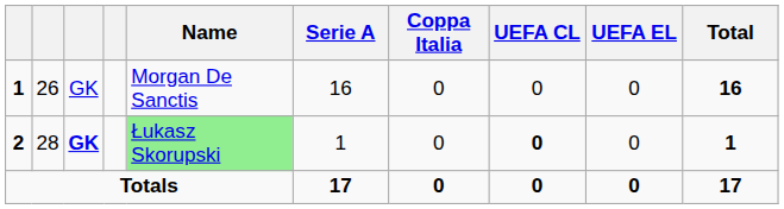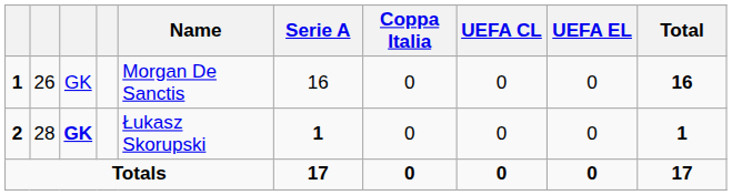 <table class="wikitable" style="text-align:center">
 <tr>
 <th width=15></th>
 <th width=15></th>
 <th width=15></th>
 <th width=15></th>
 <th width=145>Name</th>
 <th width=80><a href='#'>Serie A</a></th>
 <th width=80><a href='#'>Coppa Italia</a></th>
 <th width=80><a href='#'>UEFA CL</a></th>
 <th width=80><a href='#'>UEFA EL</a></th>
 <th width=80>Total</th>
 </tr>
 <tr>
 <td><strong>1</strong></td>
 <td>26</td>
 <td><a href='#'>GK</a></td>
 <td></td>
 <td align=left><a href='#'>Morgan De Sanctis</a></td>
 <td>16</td>
 <td>0</td>
 <td>0</td>
 <td>0</td>
 <td><strong>16</strong></td>
 </tr>
 <tr>
 <td><strong>2</strong></td>
 <td>28</td>
 <td><strong><a href='#'>GK</a></strong></td>
 <td></td>
-<td align=left style="background: lightgreen;"><a href='#'>Łukasz Skorupski</a></td>
-<td>1</td>
+<td align=left><a href='#'>Łukasz Skorupski</a></td>
+<td><strong>1</strong></td>
 <td>0</td>
-<td><strong>0</strong></td>
+<td>0</td>
 <td>0</td>
 <td><strong>1</strong></td>
 </tr>
 <tr>
 <td colspan=5><strong>Totals</strong></td>
 <td><strong>17</strong></td>
 <td><strong>0</strong></td>
 <td><strong>0</strong></td>
 <td><strong>0</strong></td>
 <td><strong>17</strong></td>
 </tr>
 </table>
